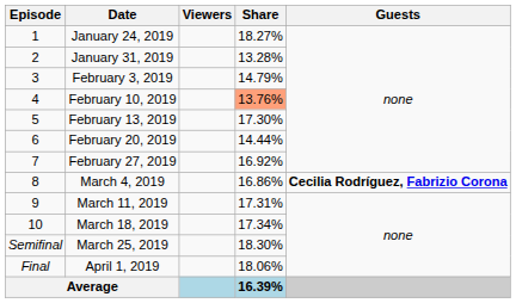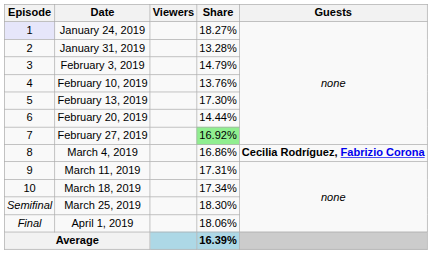 <table class="wikitable" style="text-align:center;">
 <tr>
 <th>Episode</th>
 <th>Date</th>
 <th>Viewers</th>
 <th>Share</th>
 <th>Guests</th>
 </tr>
 <tr>
-<td>1</td>
+<td style="background: lavender;">1</td>
 <td>January 24, 2019</td>
 <td></td>
 <td>18.27%</td>
 <td rowspan="7"><em>none</em></td>
 </tr>
 <tr>
 <td>2</td>
 <td>January 31, 2019</td>
 <td></td>
 <td>13.28%</td>
 </tr>
 <tr>
 <td>3</td>
 <td>February 3, 2019</td>
 <td></td>
 <td>14.79%</td>
 </tr>
 <tr>
 <td>4</td>
 <td>February 10, 2019</td>
 <td></td>
-<td style="background: lightsalmon;">13.76%</td>
+<td>13.76%</td>
 </tr>
 <tr>
 <td>5</td>
 <td>February 13, 2019</td>
 <td></td>
 <td>17.30%</td>
 </tr>
 <tr>
 <td>6</td>
 <td>February 20, 2019</td>
 <td></td>
 <td>14.44%</td>
 </tr>
 <tr>
 <td>7</td>
 <td>February 27, 2019</td>
 <td></td>
-<td>16.92%</td>
+<td style="background: lightgreen;">16.92%</td>
 </tr>
 <tr>
 <td>8</td>
 <td>March 4, 2019</td>
 <td></td>
 <td>16.86%</td>
 <td><strong>Cecilia Rodríguez, <a href='#'>Fabrizio Corona</a></strong></td>
 </tr>
 <tr>
 <td>9</td>
 <td>March 11, 2019</td>
 <td></td>
 <td>17.31%</td>
 <td rowspan="4"><em>none</em></td>
 </tr>
 <tr>
 <td>10</td>
 <td>March 18, 2019</td>
 <td></td>
 <td>17.34%</td>
 </tr>
 <tr>
 <td><em>Semifinal</em></td>
 <td>March 25, 2019</td>
 <td></td>
 <td>18.30%</td>
 </tr>
 <tr>
 <td><em>Final</em></td>
 <td>April 1, 2019</td>
 <td></td>
 <td>18.06%</td>
 </tr>
 <tr>
 <th colspan="2">Average</th>
 <th style="background:lightblue"><strong></strong></th>
 <th style="background:lightblue"><strong>16.39%</strong></th>
 <th style="background:#CCC"></th>
 </tr>
 </table>
